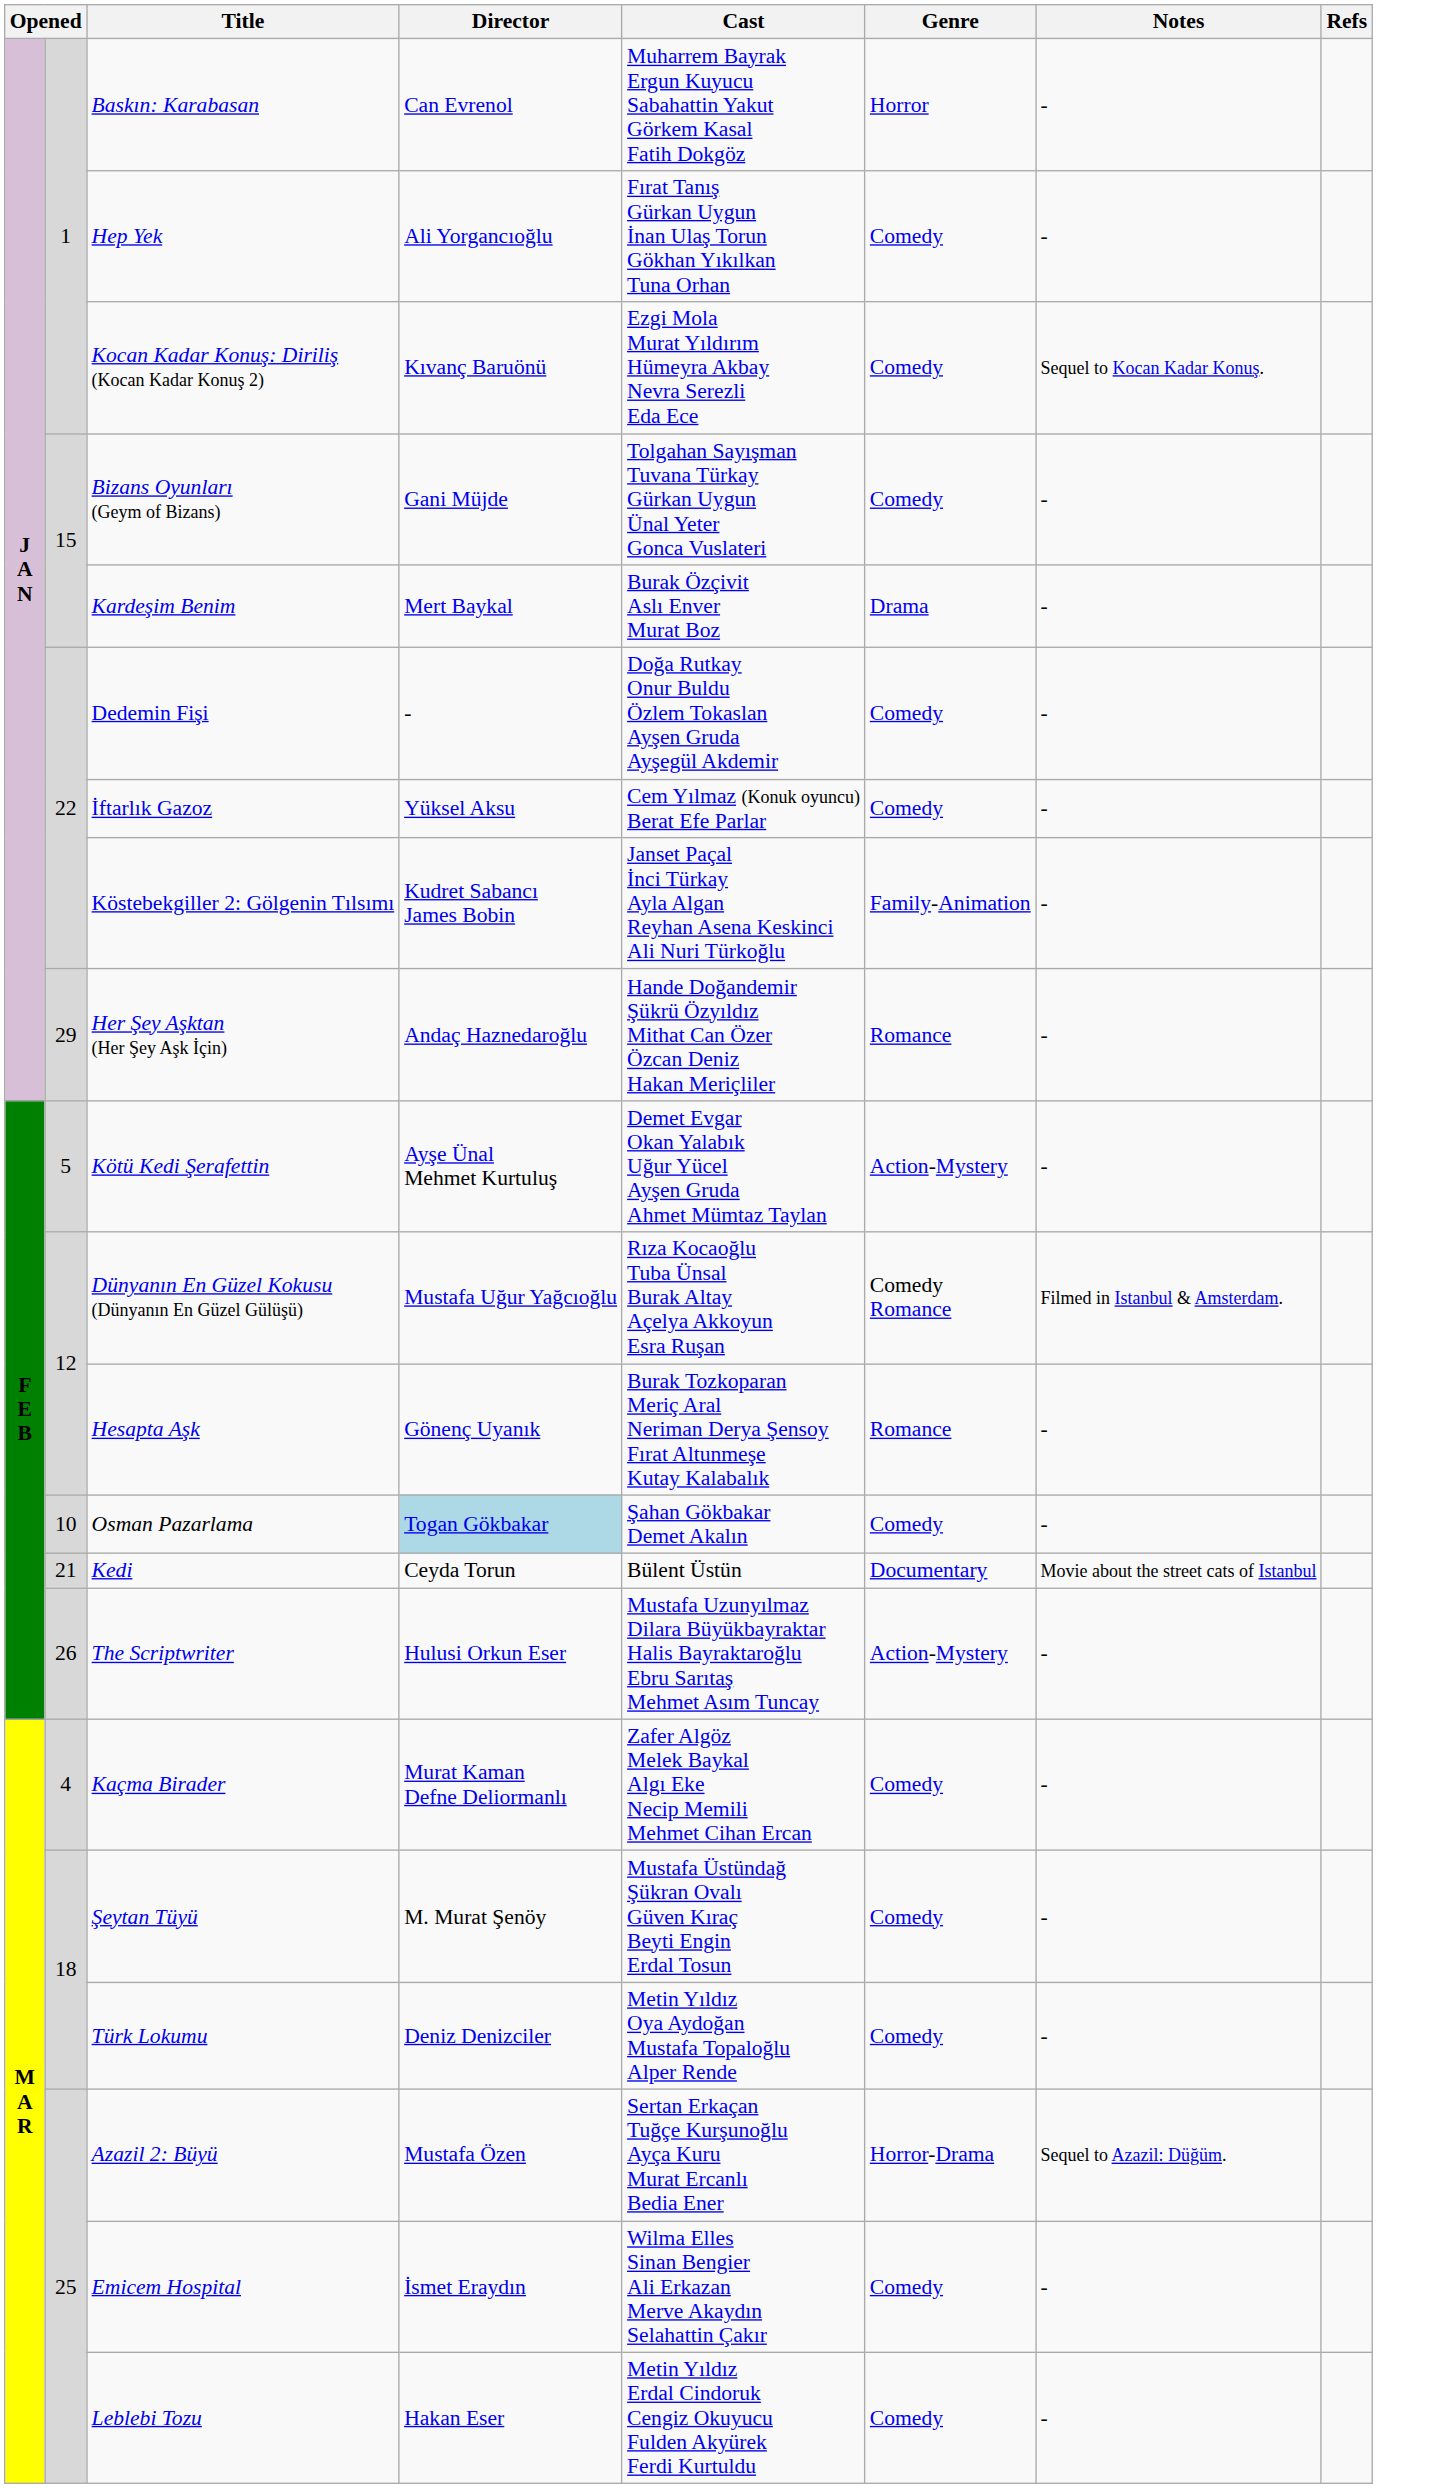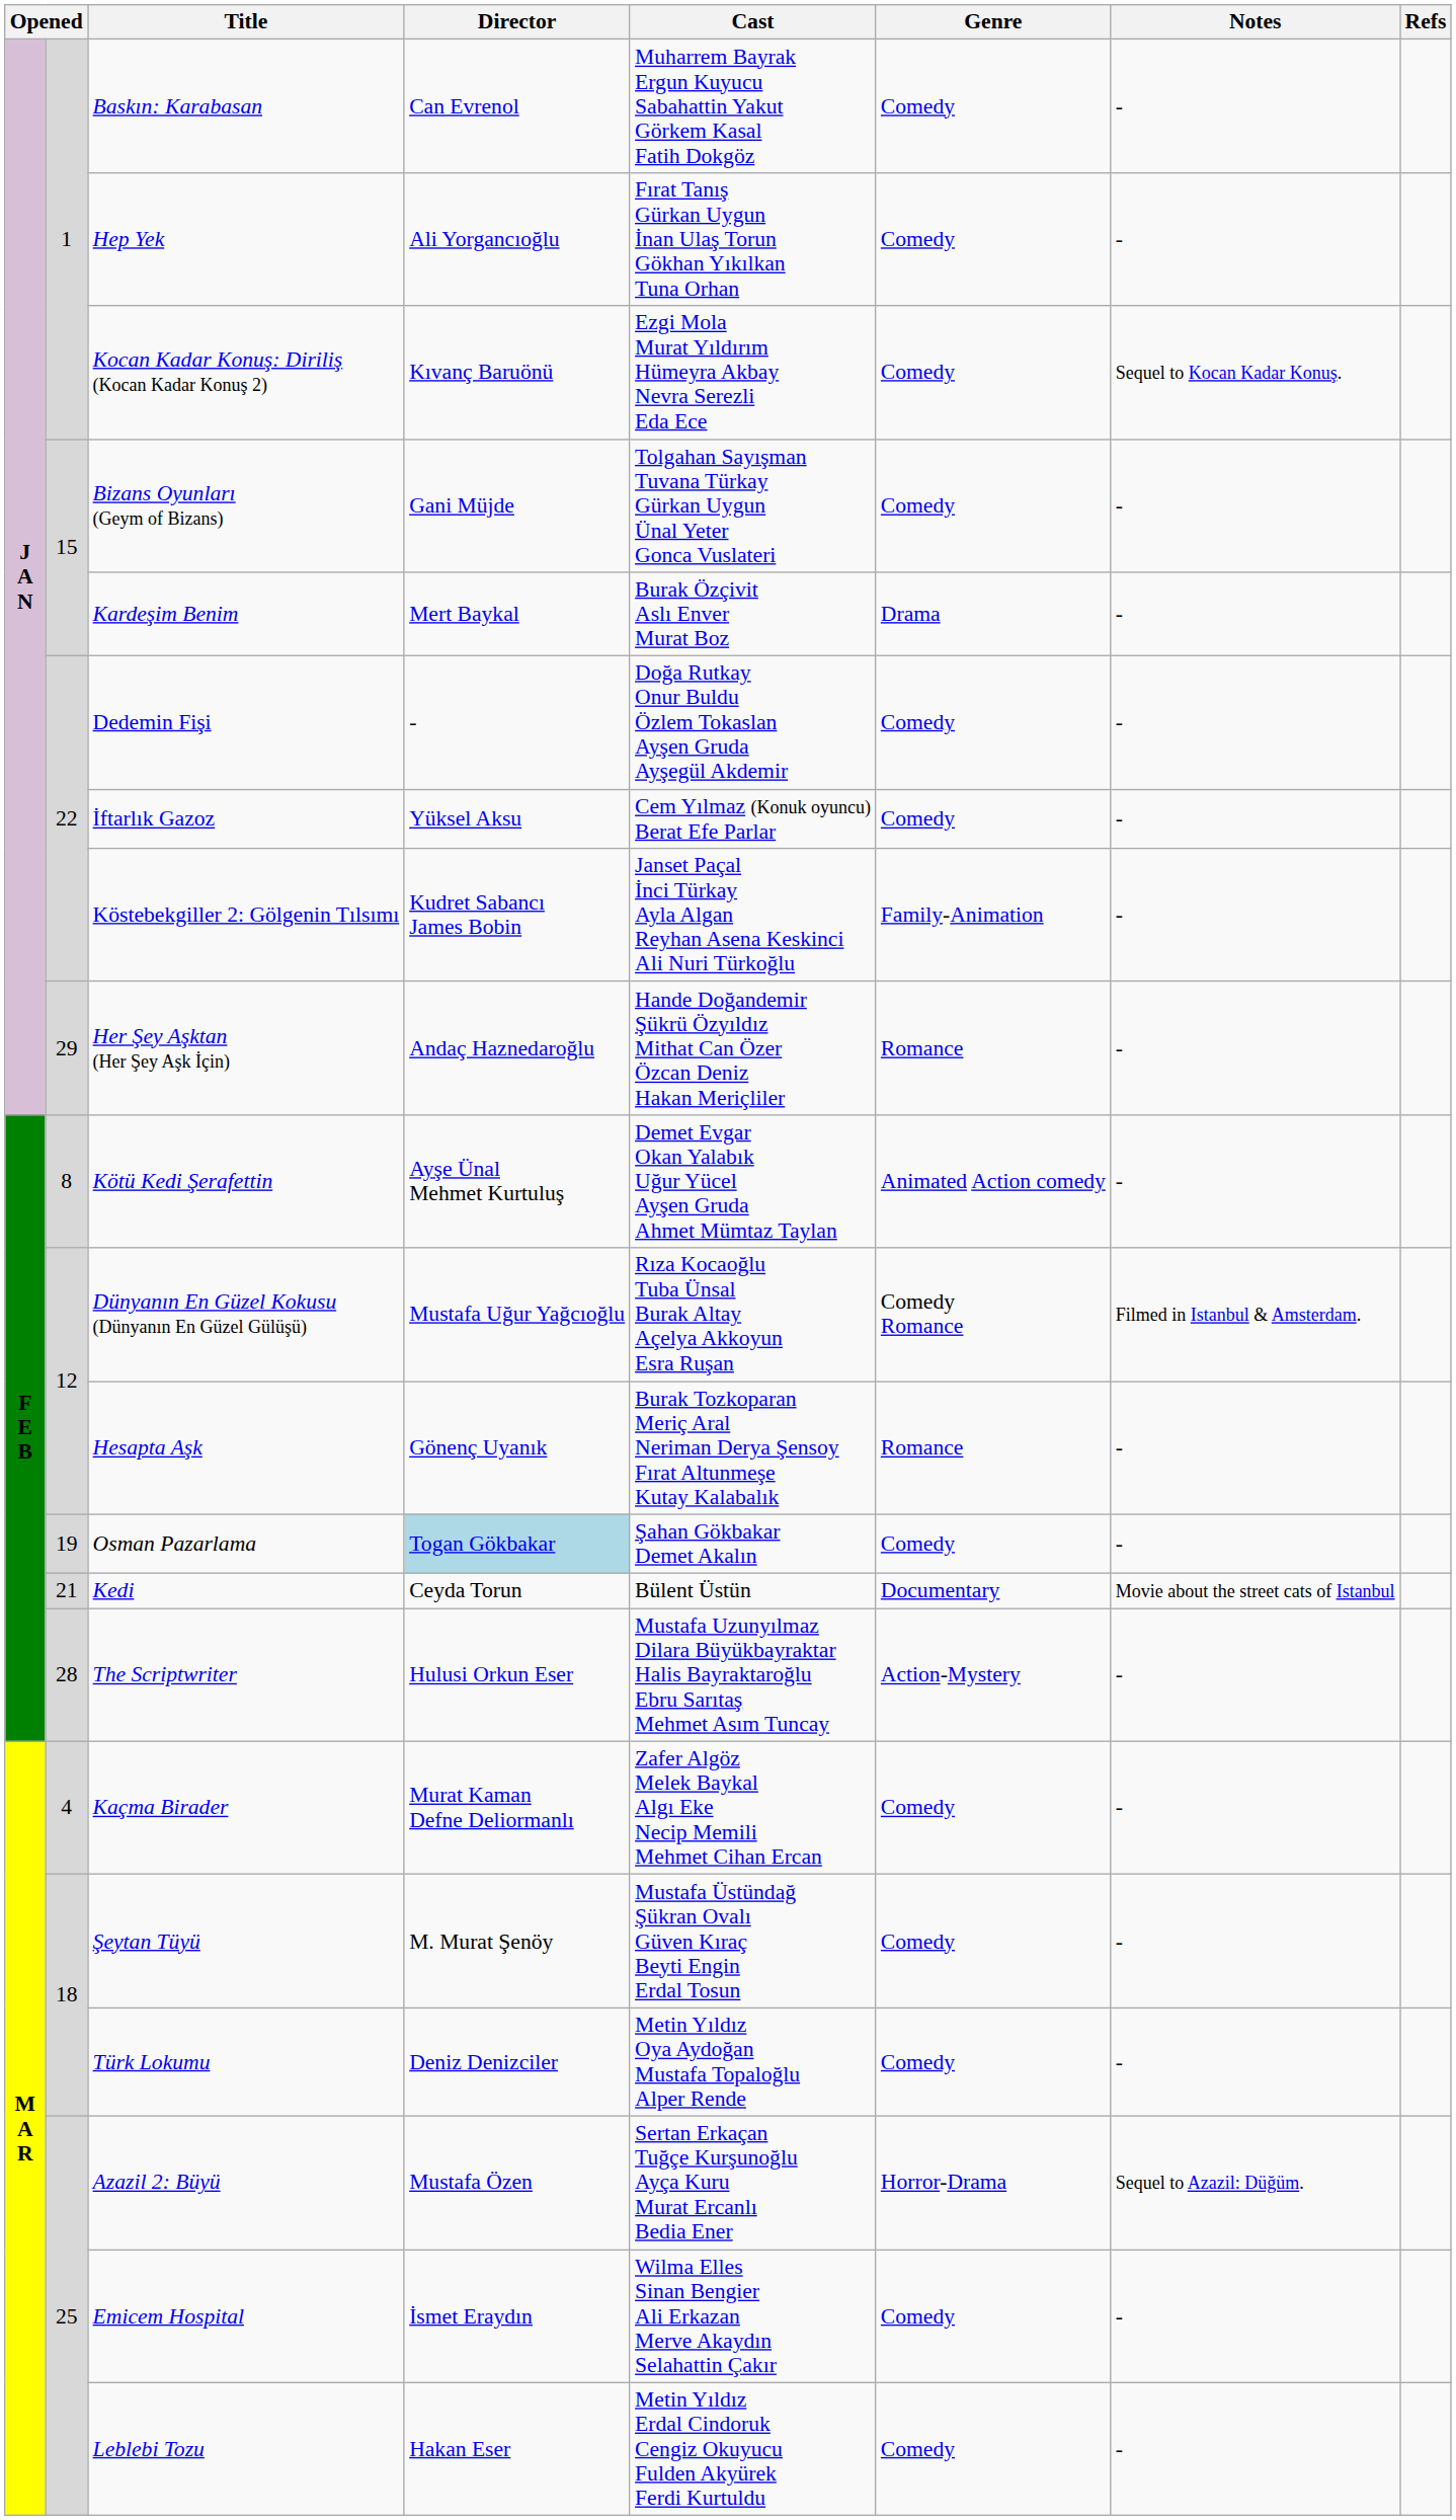 <table class="wikitable sortable">
 <tr>
 <th colspan="2">Opened</th>
 <th>Title</th>
 <th>Director</th>
 <th>Cast</th>
 <th>Genre</th>
 <th>Notes</th>
 <th>Refs</th>
 </tr>
 <tr January!>
 <td rowspan=9 style="text-align:center; background:thistle; "><strong>J<br>A<br>N<br></strong></td>
 <td rowspan=3 style="text-align:center; background:#d8d8d8; ">1</td>
 <td><em><a href='#'>Baskın: Karabasan</a></em></td>
 <td><a href='#'>Can Evrenol</a></td>
 <td><a href='#'>Muharrem Bayrak</a> <br> <a href='#'>Ergun Kuyucu</a> <br> <a href='#'>Sabahattin Yakut</a> <br> <a href='#'>Görkem Kasal</a> <br> <a href='#'>Fatih Dokgöz</a></td>
-<td><a href='#'>Horror</a></td>
+<td><a href='#'>Comedy</a></td>
 <td>-</td>
 <td></td>
 </tr>
 <tr>
 <td><em><a href='#'>Hep Yek</a></em></td>
 <td><a href='#'>Ali Yorgancıoğlu</a></td>
 <td><a href='#'>Fırat Tanış</a> <br> <a href='#'>Gürkan Uygun</a> <br> <a href='#'>İnan Ulaş Torun</a> <br> <a href='#'>Gökhan Yıkılkan</a> <br> <a href='#'>Tuna Orhan</a></td>
 <td><a href='#'>Comedy</a></td>
 <td>-</td>
 <td></td>
 </tr>
 <tr>
 <td><em><a href='#'>Kocan Kadar Konuş: Diriliş</a></em><br><small>(Kocan Kadar Konuş 2)</small></td>
 <td><a href='#'>Kıvanç Baruönü</a></td>
 <td><a href='#'>Ezgi Mola</a> <br> <a href='#'>Murat Yıldırım</a> <br><a href='#'>Hümeyra Akbay</a> <br> <a href='#'>Nevra Serezli</a> <br> <a href='#'>Eda Ece</a></td>
 <td><a href='#'>Comedy</a></td>
 <td><small>Sequel to <a href='#'>Kocan Kadar Konuş</a>.</small></td>
 <td></td>
 </tr>
 <tr>
 <td rowspan=2 style="text-align:center; background:#d8d8d8; textcolor:#000;">15</td>
 <td><em><a href='#'>Bizans Oyunları</a></em><br><small>(Geym of Bizans)</small></td>
 <td><a href='#'>Gani Müjde</a></td>
 <td><a href='#'>Tolgahan Sayışman</a> <br> <a href='#'>Tuvana Türkay</a> <br> <a href='#'>Gürkan Uygun</a> <br> <a href='#'>Ünal Yeter</a> <br> <a href='#'>Gonca Vuslateri</a></td>
 <td><a href='#'>Comedy</a></td>
 <td>-</td>
 <td></td>
 </tr>
 <tr>
 <td><em><a href='#'>Kardeşim Benim</a></em></td>
 <td><a href='#'>Mert Baykal</a></td>
 <td><a href='#'>Burak Özçivit</a> <br> <a href='#'>Aslı Enver</a> <br> <a href='#'>Murat Boz</a></td>
 <td><a href='#'>Drama</a></td>
 <td>-</td>
 <td></td>
 </tr>
 <tr>
 <td rowspan=3 style="text-align:center; background:#d8d8d8; textcolor:#000;">22</td>
 <td><a href='#'>Dedemin Fişi</a></td>
 <td>-</td>
 <td><a href='#'>Doğa Rutkay</a> <br> <a href='#'>Onur Buldu</a> <br> <a href='#'>Özlem Tokaslan</a> <br> <a href='#'>Ayşen Gruda</a> <br> <a href='#'>Ayşegül Akdemir</a></td>
 <td><a href='#'>Comedy</a></td>
 <td>-</td>
 <td></td>
 </tr>
 <tr>
 <td><a href='#'>İftarlık Gazoz</a></td>
 <td><a href='#'>Yüksel Aksu</a></td>
 <td><a href='#'>Cem Yılmaz</a> <small>(Konuk oyuncu)</small> <br> <a href='#'>Berat Efe Parlar</a></td>
 <td><a href='#'>Comedy</a></td>
 <td>-</td>
 <td></td>
 </tr>
 <tr>
 <td><a href='#'>Köstebekgiller 2: Gölgenin Tılsımı</a></td>
 <td><a href='#'>Kudret Sabancı</a> <br> <a href='#'>James Bobin</a></td>
 <td><a href='#'>Janset Paçal</a> <br> <a href='#'>İnci Türkay</a> <br> <a href='#'>Ayla Algan</a> <br> <a href='#'>Reyhan Asena Keskinci</a> <br> <a href='#'>Ali Nuri Türkoğlu</a></td>
 <td><a href='#'>Family</a>-<a href='#'>Animation</a></td>
 <td>-</td>
 <td></td>
 </tr>
 <tr>
 <td rowspan=1 style="text-align:center; background:#d8d8d8; textcolor:#000;">29</td>
 <td><em><a href='#'>Her Şey Aşktan</a></em><br><small>(Her Şey Aşk İçin)</small></td>
 <td><a href='#'>Andaç Haznedaroğlu</a></td>
 <td><a href='#'>Hande Doğandemir</a> <br> <a href='#'>Şükrü Özyıldız</a> <br> <a href='#'>Mithat Can Özer</a> <br> <a href='#'>Özcan Deniz</a> <br> <a href='#'>Hakan Meriçliler</a></td>
 <td><a href='#'>Romance</a></td>
 <td>-</td>
 <td></td>
 </tr>
 <tr>
 <td rowspan=6 style="text-align:center; background:green; textcolor:#000;"><strong>F<br>E<br>B</strong></td>
-<td rowspan=1 style="text-align:center; background:#d8d8d8; textcolor:#000;">5</td>
+<td rowspan=1 style="text-align:center; background:#d8d8d8; textcolor:#000;">8</td>
 <td><em><a href='#'>Kötü Kedi Şerafettin</a></em></td>
 <td><a href='#'>Ayşe Ünal</a> <br> Mehmet Kurtuluş</td>
 <td><a href='#'>Demet Evgar</a> <br> <a href='#'>Okan Yalabık</a> <br> <a href='#'>Uğur Yücel</a> <br> <a href='#'>Ayşen Gruda</a> <br> <a href='#'>Ahmet Mümtaz Taylan</a></td>
-<td><a href='#'>Action</a>-<a href='#'>Mystery</a></td>
+<td><a href='#'>Animated</a> <a href='#'>Action comedy</a></td>
 <td>-</td>
 <td></td>
 </tr>
 <tr>
 <td rowspan=2 style="text-align:center; background:#d8d8d8; textcolor:#000;">12</td>
 <td><em><a href='#'>Dünyanın En Güzel Kokusu</a></em><br><small>(Dünyanın En Güzel Gülüşü)</small></td>
 <td><a href='#'>Mustafa Uğur Yağcıoğlu</a></td>
 <td><a href='#'>Rıza Kocaoğlu</a> <br> <a href='#'>Tuba Ünsal</a> <br> <a href='#'>Burak Altay</a> <br> <a href='#'>Açelya Akkoyun</a> <br> <a href='#'>Esra Ruşan</a></td>
 <td Comedy film>Comedy<br> <a href='#'>Romance</a></td>
 <td><small>Filmed in <a href='#'>Istanbul</a> & <a href='#'>Amsterdam</a>.</small></td>
 <td></td>
 </tr>
 <tr>
 <td><em><a href='#'>Hesapta Aşk</a></em></td>
 <td><a href='#'>Gönenç Uyanık</a></td>
 <td><a href='#'>Burak Tozkoparan</a> <br> <a href='#'>Meriç Aral</a> <br> <a href='#'>Neriman Derya Şensoy</a> <br> <a href='#'>Fırat Altunmeşe</a> <br> <a href='#'>Kutay Kalabalık</a></td>
 <td><a href='#'>Romance</a></td>
 <td>-</td>
 <td></td>
 </tr>
 <tr>
-<td rowspan=1 style="text-align:center; background:#d8d8d8; textcolor:#000;">10</td>
+<td rowspan=1 style="text-align:center; background:#d8d8d8; textcolor:#000;">19</td>
 <td><em>Osman Pazarlama</em></td>
 <td style="background: lightblue;"><a href='#'>Togan Gökbakar</a></td>
 <td><a href='#'>Şahan Gökbakar</a> <br> <a href='#'>Demet Akalın</a></td>
 <td><a href='#'>Comedy</a></td>
 <td>-</td>
 <td></td>
 </tr>
 <tr>
 <td rowspan=1 style="text-align:center; background:#d8d8d8; textcolor:#000;">21</td>
 <td><em><a href='#'>Kedi</a></em></td>
 <td>Ceyda Torun</td>
 <td>Bülent Üstün</td>
 <td><a href='#'>Documentary</a></td>
 <td><small>Movie about the street cats of <a href='#'>Istanbul</a></small></td>
 <td></td>
 </tr>
 <tr>
-<td rowspan=1 style="text-align:center; background:#d8d8d8; textcolor:#000;">26</td>
+<td rowspan=1 style="text-align:center; background:#d8d8d8; textcolor:#000;">28</td>
 <td><em><a href='#'>The Scriptwriter</a></em></td>
 <td><a href='#'>Hulusi Orkun Eser</a></td>
 <td><a href='#'>Mustafa Uzunyılmaz</a> <br> <a href='#'>Dilara Büyükbayraktar</a> <br> <a href='#'>Halis Bayraktaroğlu</a> <br> <a href='#'>Ebru Sarıtaş</a> <br> <a href='#'>Mehmet Asım Tuncay</a></td>
 <td><a href='#'>Action</a>-<a href='#'>Mystery</a></td>
 <td>-</td>
 <td></td>
 </tr>
 <tr>
 <td rowspan=6 style="text-align:center; background:yellow; textcolor:#000;"><strong>M<br>A<br>R</strong></td>
 <td rowspan=1 style="text-align:center; background:#d8d8d8; textcolor:#000;">4</td>
 <td><em><a href='#'>Kaçma Birader</a></em></td>
 <td><a href='#'>Murat Kaman</a><br><a href='#'>Defne Deliormanlı</a></td>
 <td><a href='#'>Zafer Algöz</a> <br> <a href='#'>Melek Baykal</a> <br> <a href='#'>Algı Eke</a> <br> <a href='#'>Necip Memili</a> <br> <a href='#'>Mehmet Cihan Ercan</a></td>
 <td><a href='#'>Comedy</a></td>
 <td>-</td>
 <td></td>
 </tr>
 <tr>
 <td rowspan=2 style="text-align:center; background:#d8d8d8; textcolor:#000;">18</td>
 <td><em><a href='#'>Şeytan Tüyü</a></em></td>
 <td>M. Murat Şenöy</td>
 <td><a href='#'>Mustafa Üstündağ</a> <br> <a href='#'>Şükran Ovalı</a> <br> <a href='#'>Güven Kıraç</a> <br> <a href='#'>Beyti Engin</a> <br> <a href='#'>Erdal Tosun</a></td>
 <td><a href='#'>Comedy</a></td>
 <td>-</td>
 <td></td>
 </tr>
 <tr>
 <td><em><a href='#'>Türk Lokumu</a></em></td>
 <td><a href='#'>Deniz Denizciler</a></td>
 <td><a href='#'>Metin Yıldız</a> <br> <a href='#'>Oya Aydoğan</a> <br> <a href='#'>Mustafa Topaloğlu</a> <br> <a href='#'>Alper Rende</a></td>
 <td><a href='#'>Comedy</a></td>
 <td>-</td>
 <td></td>
 </tr>
 <tr>
 <td rowspan=3 style="text-align:center; background:#d8d8d8; textcolor:#000;">25</td>
 <td><em><a href='#'>Azazil 2: Büyü</a></em></td>
 <td><a href='#'>Mustafa Özen</a></td>
 <td><a href='#'>Sertan Erkaçan</a> <br> <a href='#'>Tuğçe Kurşunoğlu</a> <br> <a href='#'>Ayça Kuru</a> <br> <a href='#'>Murat Ercanlı</a> <br> <a href='#'>Bedia Ener</a></td>
 <td><a href='#'>Horror</a>-<a href='#'>Drama</a></td>
 <td><small> Sequel to <a href='#'>Azazil: Düğüm</a>. </small></td>
 <td></td>
 </tr>
 <tr>
 <td><em><a href='#'>Emicem Hospital</a></em></td>
 <td><a href='#'>İsmet Eraydın</a></td>
 <td><a href='#'>Wilma Elles</a> <br> <a href='#'>Sinan Bengier</a> <br> <a href='#'>Ali Erkazan</a> <br> <a href='#'>Merve Akaydın</a> <br> <a href='#'>Selahattin Çakır</a></td>
 <td><a href='#'>Comedy</a></td>
 <td>-</td>
 <td></td>
 </tr>
 <tr>
 <td><em><a href='#'>Leblebi Tozu</a></em></td>
 <td><a href='#'>Hakan Eser</a></td>
 <td><a href='#'>Metin Yıldız</a> <br> <a href='#'>Erdal Cindoruk</a> <br> <a href='#'>Cengiz Okuyucu</a> <br> <a href='#'>Fulden Akyürek</a> <br> <a href='#'>Ferdi Kurtuldu</a></td>
 <td><a href='#'>Comedy</a></td>
 <td>-</td>
 <td></td>
 </tr>
 </table>
